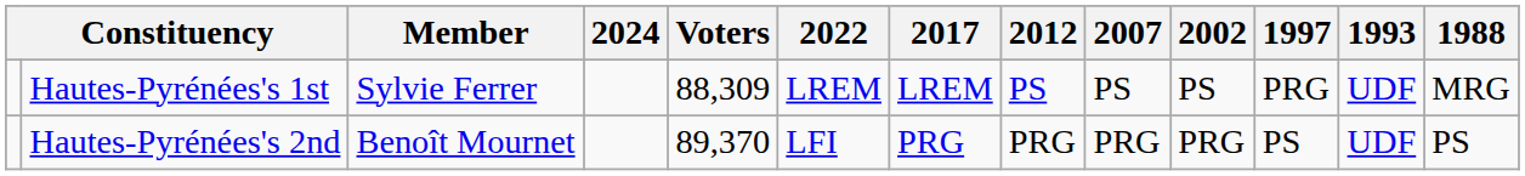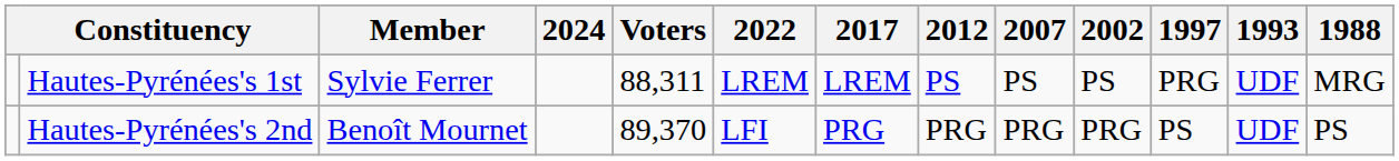 <table class="wikitable sortable">
 <tr>
 <th colspan="2">Constituency</th>
 <th>Member</th>
 <th>2024</th>
 <th>Voters</th>
 <th>2022</th>
 <th>2017</th>
 <th>2012</th>
 <th>2007</th>
 <th>2002</th>
 <th>1997</th>
 <th>1993</th>
 <th>1988</th>
 </tr>
 <tr>
 <td style="background-color: "></td>
 <td><a href='#'>Hautes-Pyrénées's 1st</a></td>
 <td><a href='#'>Sylvie Ferrer</a></td>
 <td></td>
-<td>88,309</td>
+<td>88,311</td>
 <td><a href='#'>LREM</a></td>
 <td><a href='#'>LREM</a></td>
 <td><a href='#'>PS</a></td>
 <td>PS</td>
 <td>PS</td>
 <td>PRG</td>
 <td><a href='#'>UDF</a></td>
 <td>MRG</td>
 </tr>
 <tr>
 <td style="background-color: "></td>
 <td><a href='#'>Hautes-Pyrénées's 2nd</a></td>
 <td><a href='#'>Benoît Mournet</a></td>
 <td></td>
 <td>89,370</td>
 <td><a href='#'>LFI</a></td>
 <td><a href='#'>PRG</a></td>
 <td>PRG</td>
 <td>PRG</td>
 <td>PRG</td>
 <td>PS</td>
 <td><a href='#'>UDF</a></td>
 <td>PS</td>
 </tr>
 </table>
